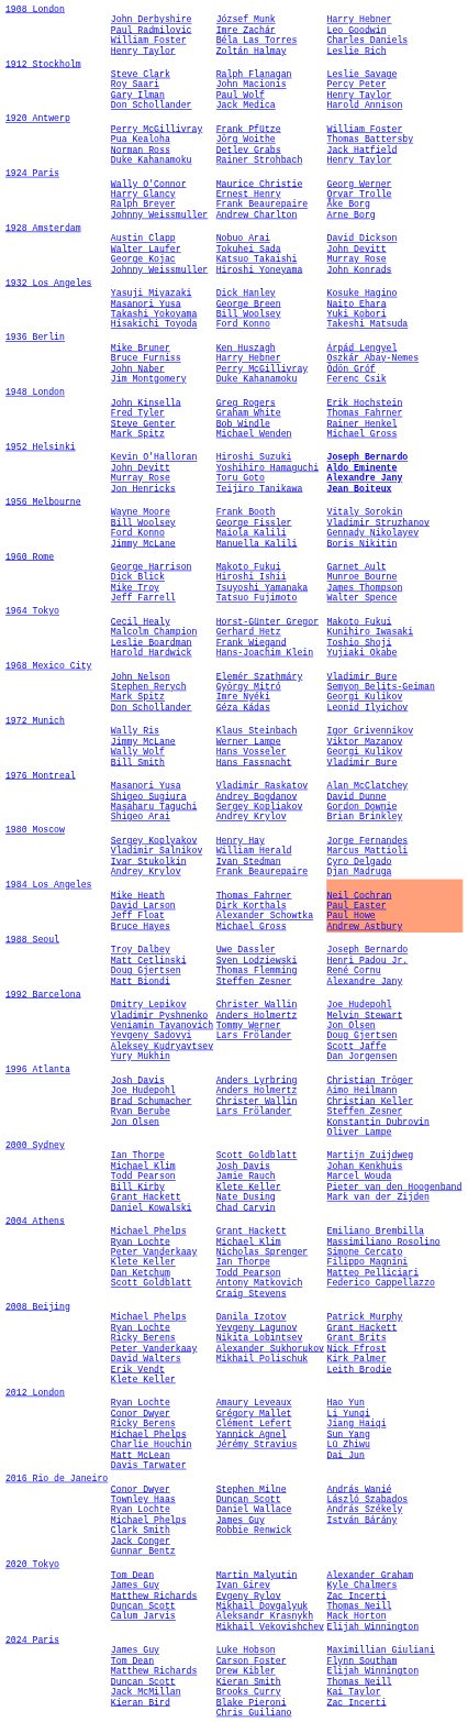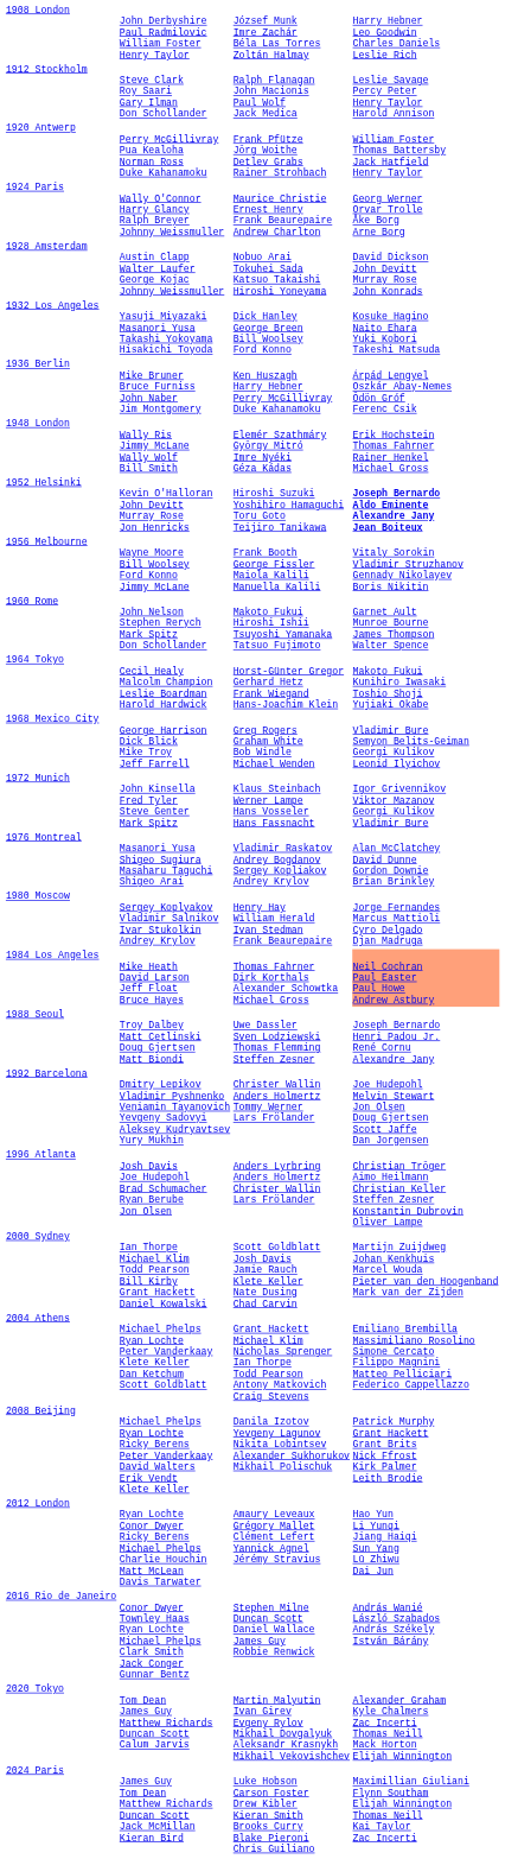 <table>
 <tr valign="top">
 <td><a href='#'>1908 London</a><br></td>
 <td valign=top><br><a href='#'>John Derbyshire</a><br><a href='#'>Paul Radmilovic</a><br><a href='#'>William Foster</a><br><a href='#'>Henry Taylor</a></td>
 <td valign=top><br><a href='#'>József Munk</a><br><a href='#'>Imre Zachár</a><br><a href='#'>Béla Las Torres</a><br><a href='#'>Zoltán Halmay</a></td>
 <td valign=top><br><a href='#'>Harry Hebner</a><br><a href='#'>Leo Goodwin</a><br><a href='#'>Charles Daniels</a><br><a href='#'>Leslie Rich</a></td>
 </tr>
 <tr valign="top">
 <td><a href='#'>1912 Stockholm</a><br></td>
 <td valign=top><br><a href='#'>Steve Clark</a><br><a href='#'>Roy Saari</a><br><a href='#'>Gary Ilman</a><br><a href='#'>Don Schollander</a></td>
 <td valign=top><br><a href='#'>Ralph Flanagan</a><br><a href='#'>John Macionis</a><br><a href='#'>Paul Wolf</a><br><a href='#'>Jack Medica</a></td>
 <td valign=top><br><a href='#'>Leslie Savage</a><br><a href='#'>Percy Peter</a><br><a href='#'>Henry Taylor</a><br><a href='#'>Harold Annison</a></td>
 </tr>
 <tr valign="top">
 <td><a href='#'>1920 Antwerp</a><br></td>
 <td valign=top><br><a href='#'>Perry McGillivray</a><br><a href='#'>Pua Kealoha</a><br><a href='#'>Norman Ross</a><br><a href='#'>Duke Kahanamoku</a></td>
 <td valign=top><br><a href='#'>Frank Pfütze</a><br><a href='#'>Jörg Woithe</a><br><a href='#'>Detlev Grabs</a><br><a href='#'>Rainer Strohbach</a></td>
 <td valign=top><br><a href='#'>William Foster</a><br><a href='#'>Thomas Battersby</a><br><a href='#'>Jack Hatfield</a><br><a href='#'>Henry Taylor</a></td>
 </tr>
 <tr valign="top">
 <td><a href='#'>1924 Paris</a><br></td>
 <td valign=top><br><a href='#'>Wally O'Connor</a><br><a href='#'>Harry Glancy</a><br><a href='#'>Ralph Breyer</a><br><a href='#'>Johnny Weissmuller</a></td>
 <td valign=top><br><a href='#'>Maurice Christie</a><br><a href='#'>Ernest Henry</a><br><a href='#'>Frank Beaurepaire</a><br><a href='#'>Andrew Charlton</a></td>
 <td valign=top><br><a href='#'>Georg Werner</a><br><a href='#'>Orvar Trolle</a><br><a href='#'>Åke Borg</a><br><a href='#'>Arne Borg</a></td>
 </tr>
 <tr valign="top">
 <td><a href='#'>1928 Amsterdam</a><br></td>
 <td valign=top><br><a href='#'>Austin Clapp</a><br><a href='#'>Walter Laufer</a><br><a href='#'>George Kojac</a><br><a href='#'>Johnny Weissmuller</a></td>
 <td valign=top><br><a href='#'>Nobuo Arai</a><br><a href='#'>Tokuhei Sada</a><br><a href='#'>Katsuo Takaishi</a><br><a href='#'>Hiroshi Yoneyama</a></td>
 <td valign=top><br><a href='#'>David Dickson</a><br><a href='#'>John Devitt</a><br><a href='#'>Murray Rose</a><br><a href='#'>John Konrads</a></td>
 </tr>
 <tr valign="top">
 <td><a href='#'>1932 Los Angeles</a><br></td>
 <td valign=top><br><a href='#'>Yasuji Miyazaki</a><br><a href='#'>Masanori Yusa</a><br><a href='#'>Takashi Yokoyama</a><br><a href='#'>Hisakichi Toyoda</a></td>
 <td valign=top><br><a href='#'>Dick Hanley</a><br><a href='#'>George Breen</a><br><a href='#'>Bill Woolsey</a><br><a href='#'>Ford Konno</a></td>
 <td valign=top><br><a href='#'>Kosuke Hagino</a><br><a href='#'>Naito Ehara</a><br><a href='#'>Yuki Kobori</a><br><a href='#'>Takeshi Matsuda</a></td>
 </tr>
 <tr valign="top">
 <td><a href='#'>1936 Berlin</a><br></td>
 <td valign=top><br><a href='#'>Mike Bruner</a><br><a href='#'>Bruce Furniss</a><br><a href='#'>John Naber</a><br><a href='#'>Jim Montgomery</a></td>
 <td valign=top><br><a href='#'>Ken Huszagh</a><br><a href='#'>Harry Hebner</a><br><a href='#'>Perry McGillivray</a><br><a href='#'>Duke Kahanamoku</a></td>
 <td valign=top><br><a href='#'>Árpád Lengyel</a><br><a href='#'>Oszkár Abay-Nemes</a><br><a href='#'>Ödön Gróf</a><br><a href='#'>Ferenc Csik</a></td>
 </tr>
 <tr valign="top">
 <td><a href='#'>1948 London</a><br></td>
-<td valign=top><br><a href='#'>John Kinsella</a><br><a href='#'>Fred Tyler</a><br><a href='#'>Steve Genter</a><br><a href='#'>Mark Spitz</a></td>
-<td valign=top><br><a href='#'>Greg Rogers</a><br><a href='#'>Graham White</a><br><a href='#'>Bob Windle</a><br><a href='#'>Michael Wenden</a></td>
+<td valign=top><br><a href='#'>Wally Ris</a><br><a href='#'>Jimmy McLane</a><br><a href='#'>Wally Wolf</a><br><a href='#'>Bill Smith</a></td>
+<td valign=top><br><a href='#'>Elemér Szathmáry</a><br><a href='#'>György Mitró</a><br><a href='#'>Imre Nyéki</a><br><a href='#'>Géza Kádas</a></td>
 <td valign=top><br><a href='#'>Erik Hochstein</a><br><a href='#'>Thomas Fahrner</a><br><a href='#'>Rainer Henkel</a><br><a href='#'>Michael Gross</a></td>
 </tr>
 <tr valign="top">
 <td><a href='#'>1952 Helsinki</a><br></td>
 <td valign=top><br><a href='#'>Kevin O'Halloran</a><br><a href='#'>John Devitt</a><br><a href='#'>Murray Rose</a><br><a href='#'>Jon Henricks</a></td>
 <td valign=top><br><a href='#'>Hiroshi Suzuki</a><br><a href='#'>Yoshihiro Hamaguchi</a><br><a href='#'>Toru Goto</a><br><a href='#'>Teijiro Tanikawa</a></td>
 <td valign=top><strong><br><a href='#'>Joseph Bernardo</a><br><a href='#'>Aldo Eminente</a><br><a href='#'>Alexandre Jany</a><br><a href='#'>Jean Boiteux</a></strong></td>
 </tr>
 <tr valign="top">
 <td><a href='#'>1956 Melbourne</a><br></td>
 <td valign=top><br><a href='#'>Wayne Moore</a><br><a href='#'>Bill Woolsey</a><br><a href='#'>Ford Konno</a><br><a href='#'>Jimmy McLane</a></td>
 <td valign=top><br><a href='#'>Frank Booth</a><br><a href='#'>George Fissler</a><br><a href='#'>Maiola Kalili</a><br><a href='#'>Manuella Kalili</a></td>
 <td valign=top><br><a href='#'>Vitaly Sorokin</a><br><a href='#'>Vladimir Struzhanov</a><br><a href='#'>Gennady Nikolayev</a><br><a href='#'>Boris Nikitin</a></td>
 </tr>
 <tr valign="top">
 <td><a href='#'>1960 Rome</a><br></td>
-<td valign=top><br><a href='#'>George Harrison</a><br><a href='#'>Dick Blick</a><br><a href='#'>Mike Troy</a><br><a href='#'>Jeff Farrell</a></td>
+<td valign=top><br><a href='#'>John Nelson</a><br><a href='#'>Stephen Rerych</a><br><a href='#'>Mark Spitz</a><br><a href='#'>Don Schollander</a></td>
 <td valign=top><br><a href='#'>Makoto Fukui</a><br><a href='#'>Hiroshi Ishii</a><br><a href='#'>Tsuyoshi Yamanaka</a><br><a href='#'>Tatsuo Fujimoto</a></td>
 <td valign=top><br><a href='#'>Garnet Ault</a><br><a href='#'>Munroe Bourne</a><br><a href='#'>James Thompson</a><br><a href='#'>Walter Spence</a></td>
 </tr>
 <tr valign="top">
 <td><a href='#'>1964 Tokyo</a><br></td>
 <td valign=top><br><a href='#'>Cecil Healy</a><br><a href='#'>Malcolm Champion</a><br><a href='#'>Leslie Boardman</a><br><a href='#'>Harold Hardwick</a></td>
 <td valign=top><br><a href='#'>Horst-Günter Gregor</a><br><a href='#'>Gerhard Hetz</a><br><a href='#'>Frank Wiegand</a><br><a href='#'>Hans-Joachim Klein</a></td>
 <td valign=top><br><a href='#'>Makoto Fukui</a><br><a href='#'>Kunihiro Iwasaki</a><br><a href='#'>Toshio Shoji</a><br><a href='#'>Yujiaki Okabe</a></td>
 </tr>
 <tr valign="top">
 <td><a href='#'>1968 Mexico City</a><br></td>
-<td valign=top><br><a href='#'>John Nelson</a><br><a href='#'>Stephen Rerych</a><br><a href='#'>Mark Spitz</a><br><a href='#'>Don Schollander</a></td>
-<td valign=top><br><a href='#'>Elemér Szathmáry</a><br><a href='#'>György Mitró</a><br><a href='#'>Imre Nyéki</a><br><a href='#'>Géza Kádas</a></td>
+<td valign=top><br><a href='#'>George Harrison</a><br><a href='#'>Dick Blick</a><br><a href='#'>Mike Troy</a><br><a href='#'>Jeff Farrell</a></td>
+<td valign=top><br><a href='#'>Greg Rogers</a><br><a href='#'>Graham White</a><br><a href='#'>Bob Windle</a><br><a href='#'>Michael Wenden</a></td>
 <td valign=top><br><a href='#'>Vladimir Bure</a><br><a href='#'>Semyon Belits-Geiman</a><br><a href='#'>Georgi Kulikov</a><br><a href='#'>Leonid Ilyichov</a></td>
 </tr>
 <tr valign="top">
 <td><a href='#'>1972 Munich</a><br></td>
-<td valign=top><br><a href='#'>Wally Ris</a><br><a href='#'>Jimmy McLane</a><br><a href='#'>Wally Wolf</a><br><a href='#'>Bill Smith</a></td>
+<td valign=top><br><a href='#'>John Kinsella</a><br><a href='#'>Fred Tyler</a><br><a href='#'>Steve Genter</a><br><a href='#'>Mark Spitz</a></td>
 <td valign=top><br><a href='#'>Klaus Steinbach</a><br><a href='#'>Werner Lampe</a><br><a href='#'>Hans Vosseler</a><br><a href='#'>Hans Fassnacht</a></td>
 <td valign=top><br><a href='#'>Igor Grivennikov</a><br><a href='#'>Viktor Mazanov</a><br><a href='#'>Georgi Kulikov</a><br><a href='#'>Vladimir Bure</a></td>
 </tr>
 <tr valign="top">
 <td><a href='#'>1976 Montreal</a><br></td>
 <td valign=top><br><a href='#'>Masanori Yusa</a><br><a href='#'>Shigeo Sugiura</a><br><a href='#'>Masaharu Taguchi</a><br><a href='#'>Shigeo Arai</a></td>
 <td valign=top><br><a href='#'>Vladimir Raskatov</a><br><a href='#'>Andrey Bogdanov</a><br><a href='#'>Sergey Kopliakov</a><br><a href='#'>Andrey Krylov</a></td>
 <td valign=top><br><a href='#'>Alan McClatchey</a><br><a href='#'>David Dunne</a><br><a href='#'>Gordon Downie</a><br><a href='#'>Brian Brinkley</a></td>
 </tr>
 <tr valign="top">
 <td><a href='#'>1980 Moscow</a><br></td>
 <td valign=top><br><a href='#'>Sergey Koplyakov</a><br><a href='#'>Vladimir Salnikov</a><br><a href='#'>Ivar Stukolkin</a><br><a href='#'>Andrey Krylov</a></td>
 <td valign=top><br><a href='#'>Henry Hay</a><br><a href='#'>William Herald</a><br><a href='#'>Ivan Stedman</a><br><a href='#'>Frank Beaurepaire</a></td>
 <td valign=top><br><a href='#'>Jorge Fernandes</a><br><a href='#'>Marcus Mattioli</a><br><a href='#'>Cyro Delgado</a><br><a href='#'>Djan Madruga</a></td>
 </tr>
 <tr valign="top">
 <td><a href='#'>1984 Los Angeles</a><br></td>
 <td valign=top><br><a href='#'>Mike Heath</a><br><a href='#'>David Larson</a><br><a href='#'>Jeff Float</a><br><a href='#'>Bruce Hayes</a></td>
 <td valign=top><br><a href='#'>Thomas Fahrner</a><br><a href='#'>Dirk Korthals</a><br><a href='#'>Alexander Schowtka</a><br><a href='#'>Michael Gross</a></td>
 <td valign=top style="background: lightsalmon;"><br><a href='#'>Neil Cochran</a><br><a href='#'>Paul Easter</a><br><a href='#'>Paul Howe</a><br><a href='#'>Andrew Astbury</a></td>
 </tr>
 <tr valign="top">
 <td><a href='#'>1988 Seoul</a><br></td>
 <td valign=top><br><a href='#'>Troy Dalbey</a><br><a href='#'>Matt Cetlinski</a><br><a href='#'>Doug Gjertsen</a><br><a href='#'>Matt Biondi</a></td>
 <td valign=top><br><a href='#'>Uwe Dassler</a><br><a href='#'>Sven Lodziewski</a><br><a href='#'>Thomas Flemming</a><br><a href='#'>Steffen Zesner</a></td>
 <td valign=top><br><a href='#'>Joseph Bernardo</a><br><a href='#'>Henri Padou Jr.</a><br><a href='#'>René Cornu</a><br><a href='#'>Alexandre Jany</a></td>
 </tr>
 <tr valign="top">
 <td><a href='#'>1992 Barcelona</a><br></td>
 <td valign=top><br><a href='#'>Dmitry Lepikov</a><br><a href='#'>Vladimir Pyshnenko</a><br><a href='#'>Veniamin Tayanovich</a><br><a href='#'>Yevgeny Sadovyi</a><br><a href='#'>Aleksey Kudryavtsev</a><br><a href='#'>Yury Mukhin</a></td>
 <td valign=top><br><a href='#'>Christer Wallin</a><br><a href='#'>Anders Holmertz</a><br><a href='#'>Tommy Werner</a><br><a href='#'>Lars Frölander</a></td>
 <td valign=top><br><a href='#'>Joe Hudepohl</a><br><a href='#'>Melvin Stewart</a><br><a href='#'>Jon Olsen</a><br><a href='#'>Doug Gjertsen</a><br><a href='#'>Scott Jaffe</a><br><a href='#'>Dan Jorgensen</a></td>
 </tr>
 <tr valign="top">
 <td><a href='#'>1996 Atlanta</a><br></td>
 <td valign=top><br><a href='#'>Josh Davis</a><br><a href='#'>Joe Hudepohl</a><br><a href='#'>Brad Schumacher</a><br><a href='#'>Ryan Berube</a><br><a href='#'>Jon Olsen</a></td>
 <td valign=top><br><a href='#'>Anders Lyrbring</a><br><a href='#'>Anders Holmertz</a><br><a href='#'>Christer Wallin</a><br><a href='#'>Lars Frölander</a></td>
 <td valign=top><br><a href='#'>Christian Tröger</a><br><a href='#'>Aimo Heilmann</a><br><a href='#'>Christian Keller</a><br><a href='#'>Steffen Zesner</a><br><a href='#'>Konstantin Dubrovin</a><br><a href='#'>Oliver Lampe</a></td>
 </tr>
 <tr valign="top">
 <td><a href='#'>2000 Sydney</a><br></td>
 <td valign=top><br><a href='#'>Ian Thorpe</a><br><a href='#'>Michael Klim</a><br><a href='#'>Todd Pearson</a><br><a href='#'>Bill Kirby</a><br><a href='#'>Grant Hackett</a><br><a href='#'>Daniel Kowalski</a><br></td>
 <td valign=top><br><a href='#'>Scott Goldblatt</a><br><a href='#'>Josh Davis</a><br><a href='#'>Jamie Rauch</a><br><a href='#'>Klete Keller</a><br><a href='#'>Nate Dusing</a><br><a href='#'>Chad Carvin</a></td>
 <td valign=top><br><a href='#'>Martijn Zuijdweg</a><br><a href='#'>Johan Kenkhuis</a><br><a href='#'>Marcel Wouda</a><br><a href='#'>Pieter van den Hoogenband</a><br><a href='#'>Mark van der Zijden</a></td>
 </tr>
 <tr valign="top">
 <td><a href='#'>2004 Athens</a><br></td>
 <td valign=top><br><a href='#'>Michael Phelps</a><br><a href='#'>Ryan Lochte</a><br><a href='#'>Peter Vanderkaay</a><br><a href='#'>Klete Keller</a><br><a href='#'>Dan Ketchum</a><br><a href='#'>Scott Goldblatt</a></td>
 <td valign=top><br><a href='#'>Grant Hackett</a><br><a href='#'>Michael Klim</a><br><a href='#'>Nicholas Sprenger</a><br><a href='#'>Ian Thorpe</a><br><a href='#'>Todd Pearson</a><br><a href='#'>Antony Matkovich</a><br><a href='#'>Craig Stevens</a></td>
 <td valign=top><br><a href='#'>Emiliano Brembilla</a><br><a href='#'>Massimiliano Rosolino</a><br><a href='#'>Simone Cercato</a><br><a href='#'>Filippo Magnini</a><br><a href='#'>Matteo Pelliciari</a><br><a href='#'>Federico Cappellazzo</a></td>
 </tr>
 <tr valign="top">
 <td><a href='#'>2008 Beijing</a><br></td>
 <td valign=top><br><a href='#'>Michael Phelps</a><br><a href='#'>Ryan Lochte</a><br><a href='#'>Ricky Berens</a><br><a href='#'>Peter Vanderkaay</a><br><a href='#'>David Walters</a><br><a href='#'>Erik Vendt</a><br><a href='#'>Klete Keller</a></td>
 <td valign=top><br><a href='#'>Danila Izotov</a><br><a href='#'>Yevgeny Lagunov</a><br><a href='#'>Nikita Lobintsev</a><br><a href='#'>Alexander Sukhorukov</a><br><a href='#'>Mikhail Polischuk</a></td>
 <td valign=top><br><a href='#'>Patrick Murphy</a><br><a href='#'>Grant Hackett</a><br><a href='#'>Grant Brits</a><br><a href='#'>Nick Ffrost</a><br><a href='#'>Kirk Palmer</a><br><a href='#'>Leith Brodie</a></td>
 </tr>
 <tr valign="top">
 <td><a href='#'>2012 London</a><br></td>
 <td valign=top><br><a href='#'>Ryan Lochte</a><br><a href='#'>Conor Dwyer</a><br><a href='#'>Ricky Berens</a><br><a href='#'>Michael Phelps</a><br><a href='#'>Charlie Houchin</a><br><a href='#'>Matt McLean</a><br><a href='#'>Davis Tarwater</a></td>
 <td valign=top><br><a href='#'>Amaury Leveaux</a><br><a href='#'>Grégory Mallet</a><br><a href='#'>Clément Lefert</a><br><a href='#'>Yannick Agnel</a><br><a href='#'>Jérémy Stravius</a></td>
 <td valign=top><br><a href='#'>Hao Yun</a><br><a href='#'>Li Yunqi</a><br><a href='#'>Jiang Haiqi</a><br><a href='#'>Sun Yang</a><br><a href='#'>Lü Zhiwu</a><br><a href='#'>Dai Jun</a></td>
 </tr>
 <tr valign="top">
 <td><a href='#'>2016 Rio de Janeiro</a><br></td>
 <td valign=top><br><a href='#'>Conor Dwyer</a><br><a href='#'>Townley Haas</a><br><a href='#'>Ryan Lochte</a><br><a href='#'>Michael Phelps</a><br><a href='#'>Clark Smith</a><br><a href='#'>Jack Conger</a><br><a href='#'>Gunnar Bentz</a></td>
 <td valign=top><br><a href='#'>Stephen Milne</a><br><a href='#'>Duncan Scott</a><br><a href='#'>Daniel Wallace</a><br><a href='#'>James Guy</a><br><a href='#'>Robbie Renwick</a></td>
 <td valign=top><br><a href='#'>András Wanié</a><br><a href='#'>László Szabados</a><br><a href='#'>András Székely</a><br><a href='#'>István Bárány</a></td>
 </tr>
 <tr valign="top">
 <td><a href='#'>2020 Tokyo</a><br></td>
 <td valign=top> <br> <a href='#'>Tom Dean</a> <br><a href='#'>James Guy</a> <br><a href='#'>Matthew Richards</a> <br><a href='#'>Duncan Scott</a> <br> <a href='#'>Calum Jarvis</a></td>
 <td valign=top> <br> <a href='#'>Martin Malyutin</a> <br><a href='#'>Ivan Girev</a> <br><a href='#'>Evgeny Rylov</a> <br><a href='#'>Mikhail Dovgalyuk</a> <br> <a href='#'>Aleksandr Krasnykh</a><br> <a href='#'>Mikhail Vekovishchev</a></td>
 <td valign=top> <br> <a href='#'>Alexander Graham</a> <br><a href='#'>Kyle Chalmers</a> <br><a href='#'>Zac Incerti</a> <br><a href='#'>Thomas Neill</a> <br> <a href='#'>Mack Horton</a><br> <a href='#'>Elijah Winnington</a></td>
 </tr>
 <tr valign="top">
 <td><a href='#'>2024 Paris</a><br></td>
 <td> <br><a href='#'>James Guy</a> <br> <a href='#'>Tom Dean</a> <br><a href='#'>Matthew Richards</a> <br><a href='#'>Duncan Scott</a><br> <a href='#'>Jack McMillan</a> <br> <a href='#'>Kieran Bird</a></td>
 <td valign=top> <br> <a href='#'>Luke Hobson</a> <br><a href='#'>Carson Foster</a> <br><a href='#'>Drew Kibler</a> <br><a href='#'>Kieran Smith</a> <br> <a href='#'>Brooks Curry</a><br> <a href='#'>Blake Pieroni</a><br> <a href='#'>Chris Guiliano</a></td>
 <td valign=top> <br> <a href='#'>Maximillian Giuliani</a> <br><a href='#'>Flynn Southam</a> <br><a href='#'>Elijah Winnington</a> <br><a href='#'>Thomas Neill</a> <br> <a href='#'>Kai Taylor</a><br> <a href='#'>Zac Incerti</a></td>
 </tr>
 <tr>
 </tr>
 </table>
